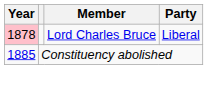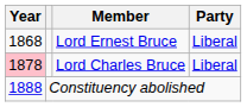 <table class="wikitable">
 <tr>
 <th>Year</th>
 <th></th>
 <th>Member</th>
 <th>Party</th>
 </tr>
 <tr>
+<td>1868</td>
+<td style="color:inherit;background-color: "></td>
+<td><a href='#'>Lord Ernest Bruce</a></td>
+<td><a href='#'>Liberal</a></td>
+</tr>
+<tr>
 <td style="background: pink;">1878</td>
 <td style="color:inherit;background-color: "></td>
 <td><a href='#'>Lord Charles Bruce</a></td>
 <td><a href='#'>Liberal</a></td>
 </tr>
 <tr>
-<td><a href='#'>1885</a></td>
+<td><a href='#'>1888</a></td>
 <td colspan="3"><em>Constituency abolished</em></td>
 </tr>
 </table>
